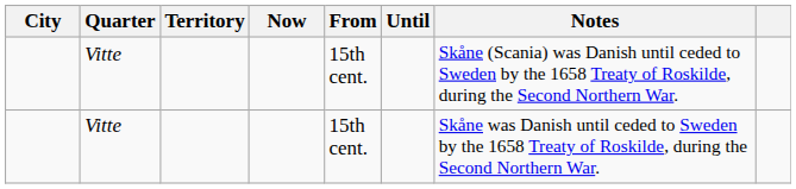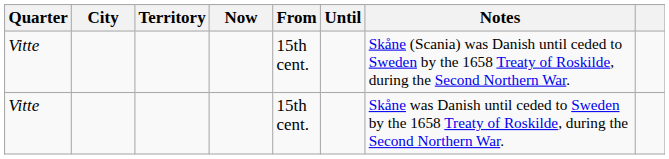 <table class="sortable wikitable" style="width: 100%">
 <tr>
+<th style="width: 10%; ">Quarter</th>
 <th style="width: 10%; ">City</th>
-<th style="width: 10%; ">Quarter</th>
 <th style="width: 10%; ">Territory</th>
 <th style="width: 10%; ">Now</th>
 <th style="width: 5%; ">From</th>
 <th style="width: 5%; ">Until</th>
 <th class="unsortable" style="width: 45%;">Notes</th>
 <th class="unsortable" style="width: 5%; "></th>
 </tr>
 <tr valign="top">
+<td><em>Vitte</em></td>
 <td></td>
-<td><em>Vitte</em></td>
 <td></td>
 <td></td>
 <td> 15th cent.</td>
 <td></td>
 <td style="font-size: 90%;"><a href='#'>Skåne</a> (Scania) was Danish until ceded to <a href='#'>Sweden</a> by the 1658 <a href='#'>Treaty of Roskilde</a>, during the <a href='#'>Second Northern War</a>.</td>
 <td> </td>
 </tr>
 <tr valign="top">
+<td><em>Vitte</em></td>
 <td></td>
-<td><em>Vitte</em></td>
 <td></td>
 <td></td>
 <td> 15th cent.</td>
 <td></td>
 <td style="font-size: 90%;"><a href='#'>Skåne</a> was Danish until ceded to <a href='#'>Sweden</a> by the 1658 <a href='#'>Treaty of Roskilde</a>, during the <a href='#'>Second Northern War</a>.</td>
 <td> </td>
 </tr>
 </table>
